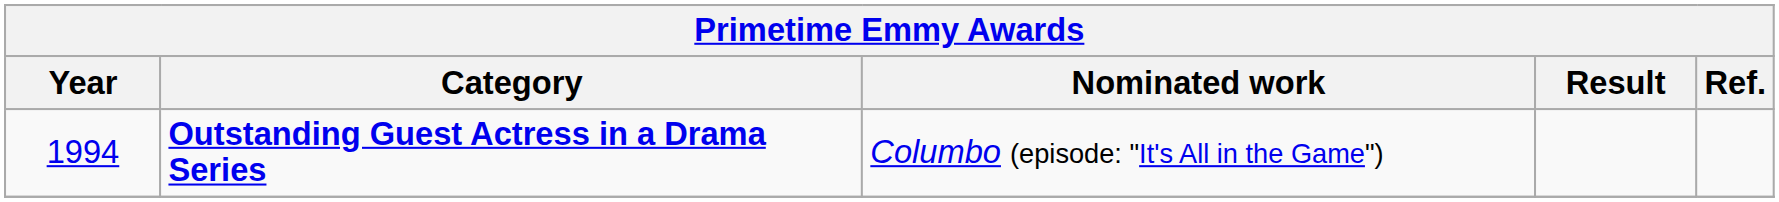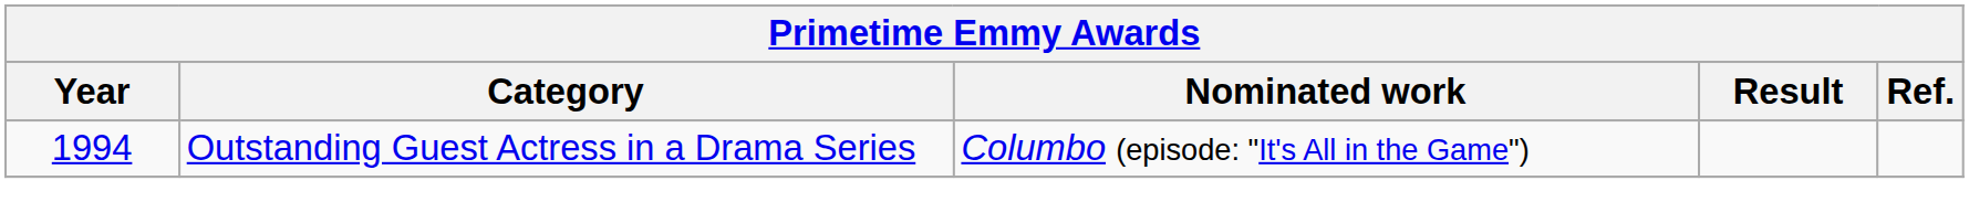 <table class=wikitable>
 <tr>
 <th colspan=5><a href='#'>Primetime Emmy Awards</a></th>
 </tr>
 <tr>
 <th scope="col" style="width:5em;">Year</th>
 <th scope="col" style="width:26em;">Category</th>
 <th scope="col" style="width:25em;">Nominated work</th>
 <th scope="col" style="width:5em;">Result</th>
 <th>Ref.</th>
 </tr>
 <tr>
 <td style="text-align:center;"><a href='#'>1994</a></td>
-<td><strong><a href='#'>Outstanding Guest Actress in a Drama Series</a></strong></td>
+<td><a href='#'>Outstanding Guest Actress in a Drama Series</a></td>
 <td><em><a href='#'>Columbo</a></em> <small> (episode: "<a href='#'>It's All in the Game</a>") </small></td>
 <td></td>
 <td style="text-align:center;"></td>
 </tr>
 <tr>
 </tr>
 </table>
